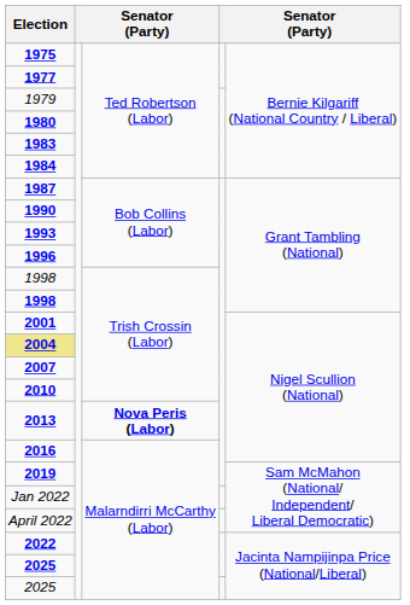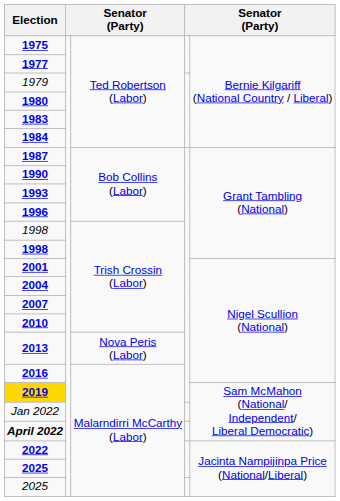 <table class="wikitable" style="text-align:center">
 <tr>
 <th>Election</th>
 <th colspan=2>Senator<br>(Party)</th>
 <th colspan=2>Senator<br>(Party)</th>
 </tr>
 <tr>
 <td><strong><a href='#'>1975</a></strong></td>
 <td rowspan=24; style="background-color: "></td>
 <td rowspan=6><a href='#'>Ted Robertson</a><br>(<a href='#'>Labor</a>)<br></td>
 <td rowspan=2; style="background-color: "></td>
 <td rowspan=6><a href='#'>Bernie Kilgariff</a><br>(<a href='#'>National Country</a> / <a href='#'>Liberal</a>)<br></td>
 </tr>
 <tr>
 <td><strong><a href='#'>1977</a></strong></td>
 </tr>
 <tr>
 <td><em>1979</em></td>
 <td rowspan=4; style="background-color: "></td>
 </tr>
 <tr>
 <td><strong><a href='#'>1980</a></strong></td>
 </tr>
 <tr>
 <td><strong><a href='#'>1983</a></strong></td>
 </tr>
 <tr>
 <td><strong><a href='#'>1984</a></strong></td>
 </tr>
 <tr>
 <td><strong><a href='#'>1987</a></strong></td>
 <td rowspan=4><a href='#'>Bob Collins</a><br>(<a href='#'>Labor</a>)<br></td>
 <td rowspan=13; style="background-color: "></td>
 <td rowspan=6><a href='#'>Grant Tambling</a><br>(<a href='#'>National</a>)<br></td>
 </tr>
 <tr>
 <td><strong><a href='#'>1990</a></strong></td>
 </tr>
 <tr>
 <td><strong><a href='#'>1993</a></strong></td>
 </tr>
 <tr>
 <td><strong><a href='#'>1996</a></strong></td>
 </tr>
 <tr>
 <td><em>1998</em></td>
 <td rowspan=6><a href='#'>Trish Crossin</a><br>(<a href='#'>Labor</a>)<br></td>
 </tr>
 <tr>
 <td><strong><a href='#'>1998</a></strong></td>
 </tr>
 <tr>
 <td><strong><a href='#'>2001</a></strong></td>
 <td rowspan=6><a href='#'>Nigel Scullion</a><br>(<a href='#'>National</a>)<br></td>
 </tr>
 <tr>
-<td style="background: khaki;"><strong><a href='#'>2004</a></strong></td>
+<td><strong><a href='#'>2004</a></strong></td>
 </tr>
 <tr>
 <td><strong><a href='#'>2007</a></strong></td>
 </tr>
 <tr>
 <td><strong><a href='#'>2010</a></strong></td>
 </tr>
 <tr>
 <td><strong><a href='#'>2013</a></strong></td>
-<td><strong><a href='#'>Nova Peris</a><br>(<a href='#'>Labor</a>)<br></strong></td>
+<td><a href='#'>Nova Peris</a><br>(<a href='#'>Labor</a>)<br></td>
 </tr>
 <tr>
 <td><strong><a href='#'>2016</a></strong></td>
 <td rowspan=7><a href='#'>Malarndirri McCarthy</a><br>(<a href='#'>Labor</a>)<br></td>
 </tr>
 <tr>
-<td><strong><a href='#'>2019</a></strong></td>
+<td style="background: gold;"><strong><a href='#'>2019</a></strong></td>
 <td rowspan=3><a href='#'>Sam McMahon</a><br>(<a href='#'>National</a>/<br><a href='#'>Independent</a>/<br><a href='#'>Liberal Democratic</a>)<br></td>
 </tr>
 <tr>
 <td><em>Jan 2022</em></td>
 <td style="background-color: "></td>
 </tr>
 <tr>
-<td><em>April 2022</em></td>
+<td><strong><em>April 2022</em></strong></td>
 <td style="background-color: "></td>
 </tr>
 <tr>
 <td><strong><a href='#'>2022</a></strong></td>
 <td rowspan=2; style="background-color: "></td>
 <td rowspan=3><a href='#'>Jacinta Nampijinpa Price</a><br>(<a href='#'>National</a>/<a href='#'>Liberal</a>)<br></td>
 </tr>
 <tr>
 <td><strong><a href='#'>2025</a></strong></td>
 </tr>
 <tr>
 <td><em>2025</em></td>
 <td style="background-color: "></td>
 </tr>
 </table>
